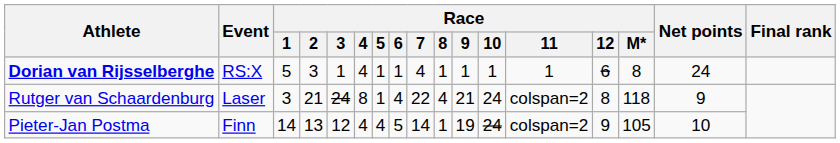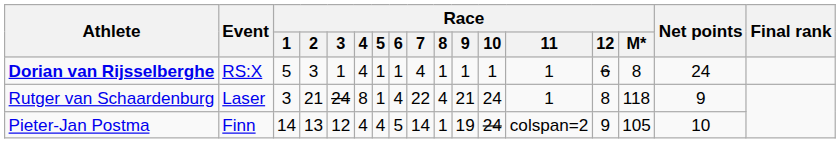 <table class="wikitable" style="font-size:90%">
 <tr>
 <th rowspan="2">Athlete</th>
 <th rowspan="2">Event</th>
 <th colspan=13>Race</th>
 <th rowspan=2>Net points</th>
 <th rowspan=2>Final rank</th>
 </tr>
 <tr style="font-size:95%">
 <th>1</th>
 <th>2</th>
 <th>3</th>
 <th>4</th>
 <th>5</th>
 <th>6</th>
 <th>7</th>
 <th>8</th>
 <th>9</th>
 <th>10</th>
 <th>11</th>
 <th>12</th>
 <th>M*</th>
 </tr>
 <tr align=center>
 <td align=left><strong><a href='#'>Dorian van Rijsselberghe</a></strong></td>
 <td align=left><a href='#'>RS:X</a></td>
 <td>5</td>
 <td>3</td>
 <td>1</td>
 <td>4</td>
 <td>1</td>
 <td>1</td>
 <td>4</td>
 <td>1</td>
 <td>1</td>
 <td>1</td>
 <td>1</td>
 <td><s>6</s></td>
 <td>8</td>
 <td>24</td>
 <td></td>
 </tr>
 <tr align=center>
 <td align=left><a href='#'>Rutger van Schaardenburg</a></td>
 <td align=left><a href='#'>Laser</a></td>
 <td>3</td>
 <td>21</td>
 <td><s>24</s></td>
 <td>8</td>
 <td>1</td>
 <td>4</td>
 <td>22</td>
 <td>4</td>
 <td>21</td>
 <td>24</td>
-<td>colspan=2 </td>
+<td>1</td>
 <td>8</td>
 <td>118</td>
 <td>9</td>
 </tr>
 <tr align=center>
 <td align=left><a href='#'>Pieter-Jan Postma</a></td>
 <td align=left><a href='#'>Finn</a></td>
 <td>14</td>
 <td>13</td>
 <td>12</td>
 <td>4</td>
 <td>4</td>
 <td>5</td>
 <td>14</td>
 <td>1</td>
 <td>19</td>
 <td><s>24</s></td>
 <td>colspan=2 </td>
 <td>9</td>
 <td>105</td>
 <td>10</td>
 </tr>
 </table>
